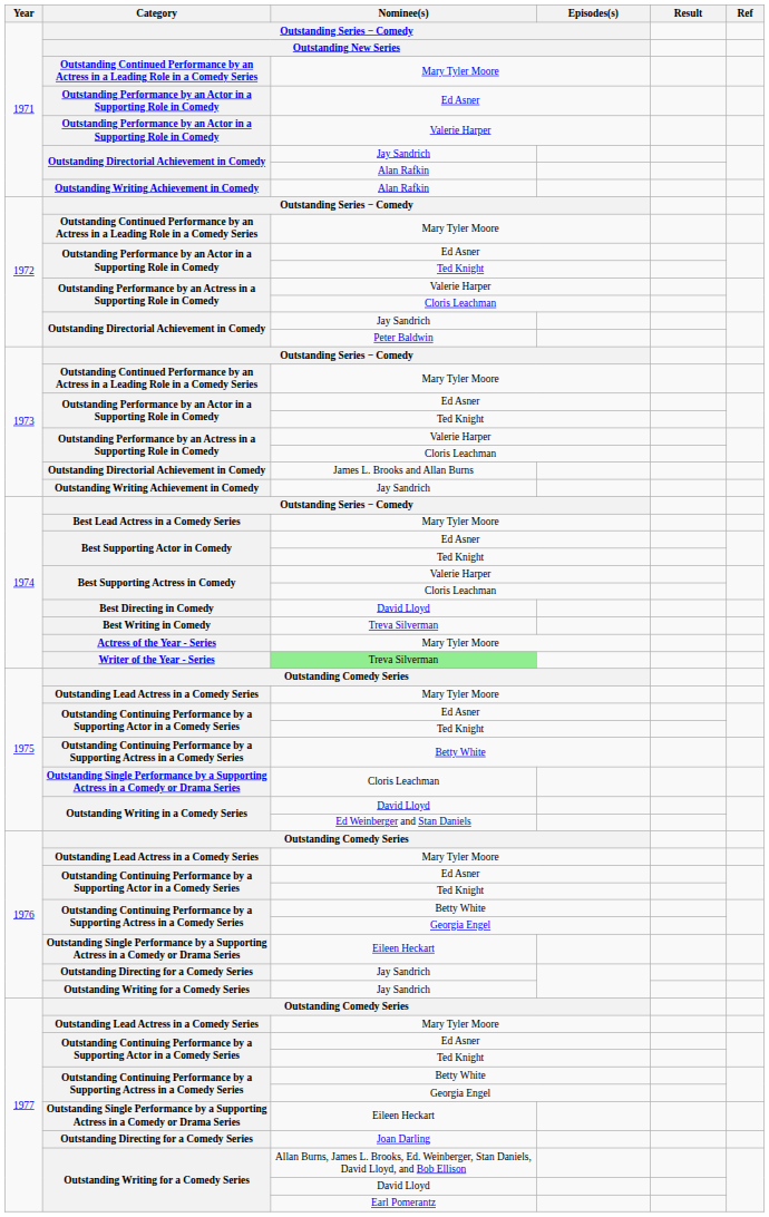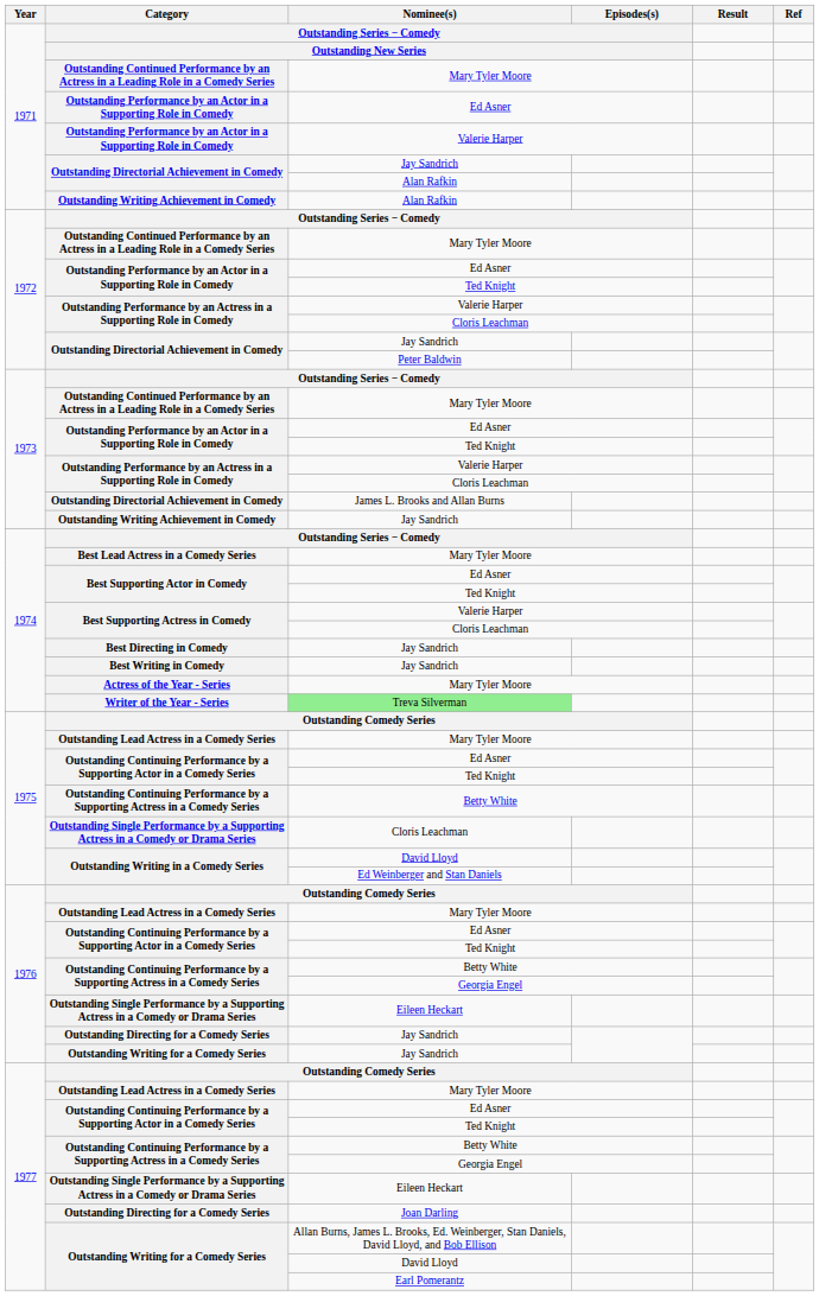 <table class="wikitable plainrowheaders" style="font-size: 90%; text-align:center" width=83%>
 <tr>
 <th scope="col" width="5%">Year</th>
 <th scope="col" width="30%">Category</th>
 <th scope="col" width="35%">Nominee(s)</th>
 <th scope="col" width="15%">Episodes(s)</th>
 <th scope="col" width="10%">Result</th>
 <th scope="col" width="5%">Ref</th>
 </tr>
 <tr>
 <td rowspan="8"><a href='#'>1971</a></td>
 <th scope="row" style="text-align:center" colspan="3"><a href='#'>Outstanding Series − Comedy</a></th>
 <td></td>
 <td></td>
 </tr>
 <tr>
 <th scope="row" style="text-align:center" colspan="3"><a href='#'>Outstanding New Series</a></th>
 <td></td>
 <td></td>
 </tr>
 <tr>
 <th scope="row" style="text-align:center"><a href='#'>Outstanding Continued Performance by an Actress in a Leading Role in a Comedy Series</a></th>
 <td colspan="2"><a href='#'>Mary Tyler Moore</a> </td>
 <td></td>
 <td></td>
 </tr>
 <tr>
 <th scope="row" style="text-align:center"><a href='#'>Outstanding Performance by an Actor in a Supporting Role in Comedy</a></th>
 <td colspan="2"><a href='#'>Ed Asner</a> </td>
 <td></td>
 <td></td>
 </tr>
 <tr>
 <th scope="row" style="text-align:center"><a href='#'>Outstanding Performance by an Actor in a Supporting Role in Comedy</a></th>
 <td colspan="2"><a href='#'>Valerie Harper</a> </td>
 <td></td>
 <td></td>
 </tr>
 <tr>
 <th scope="row" style="text-align:center" rowspan="2"><a href='#'>Outstanding Directorial Achievement in Comedy</a></th>
 <td><a href='#'>Jay Sandrich</a></td>
 <td></td>
 <td></td>
 <td rowspan="2"></td>
 </tr>
 <tr>
 <td><a href='#'>Alan Rafkin</a></td>
 <td></td>
 <td></td>
 </tr>
 <tr>
 <th scope="row" style="text-align:center"><a href='#'>Outstanding Writing Achievement in Comedy</a></th>
 <td><a href='#'>Alan Rafkin</a></td>
 <td></td>
 <td></td>
 <td></td>
 </tr>
 <tr>
 <td rowspan="8"><a href='#'>1972</a></td>
 <th scope="row" style="text-align:center" colspan="3">Outstanding Series − Comedy</th>
 <td></td>
 <td></td>
 </tr>
 <tr>
 <th scope="row" style="text-align:center">Outstanding Continued Performance by an Actress in a Leading Role in a Comedy Series</th>
 <td colspan="2">Mary Tyler Moore </td>
 <td></td>
 <td></td>
 </tr>
 <tr>
 <th scope="row" style="text-align:center" rowspan="2">Outstanding Performance by an Actor in a Supporting Role in Comedy</th>
 <td colspan="2">Ed Asner </td>
 <td></td>
 <td rowspan="2"></td>
 </tr>
 <tr>
 <td colspan="2"><a href='#'>Ted Knight</a> </td>
 <td></td>
 </tr>
 <tr>
 <th scope="row" style="text-align:center" rowspan="2">Outstanding Performance by an Actress in a Supporting Role in Comedy</th>
 <td colspan="2">Valerie Harper </td>
 <td></td>
 <td rowspan="2"></td>
 </tr>
 <tr>
 <td colspan="2"><a href='#'>Cloris Leachman</a> </td>
 <td></td>
 </tr>
 <tr>
 <th scope="row" style="text-align:center" rowspan="2">Outstanding Directorial Achievement in Comedy</th>
 <td>Jay Sandrich</td>
 <td></td>
 <td></td>
 <td rowspan="2"></td>
 </tr>
 <tr>
 <td><a href='#'>Peter Baldwin</a></td>
 <td></td>
 <td></td>
 </tr>
 <tr>
 <td rowspan="8"><a href='#'>1973</a></td>
 <th scope="row" style="text-align:center" colspan="3">Outstanding Series − Comedy</th>
 <td></td>
 <td></td>
 </tr>
 <tr>
 <th scope="row" style="text-align:center">Outstanding Continued Performance by an Actress in a Leading Role in a Comedy Series</th>
 <td colspan="2">Mary Tyler Moore </td>
 <td></td>
 <td></td>
 </tr>
 <tr>
 <th scope="row" style="text-align:center" rowspan="2">Outstanding Performance by an Actor in a Supporting Role in Comedy</th>
 <td colspan="2">Ed Asner </td>
 <td></td>
 <td rowspan="2"></td>
 </tr>
 <tr>
 <td colspan="2">Ted Knight </td>
 <td></td>
 </tr>
 <tr>
 <th scope="row" style="text-align:center" rowspan="2">Outstanding Performance by an Actress in a Supporting Role in Comedy</th>
 <td colspan="2">Valerie Harper </td>
 <td></td>
 <td rowspan="2"></td>
 </tr>
 <tr>
 <td colspan="2">Cloris Leachman </td>
 <td></td>
 </tr>
 <tr>
 <th scope="row" style="text-align:center">Outstanding Directorial Achievement in Comedy</th>
 <td>James L. Brooks and Allan Burns</td>
 <td></td>
 <td></td>
 <td></td>
 </tr>
 <tr>
 <th scope="row" style="text-align:center">Outstanding Writing Achievement in Comedy</th>
 <td>Jay Sandrich</td>
 <td></td>
 <td></td>
 <td></td>
 </tr>
 <tr>
 <td rowspan="10"><a href='#'>1974</a></td>
 <th scope="row" style="text-align:center" colspan="3">Outstanding Series − Comedy</th>
 <td></td>
 <td></td>
 </tr>
 <tr>
 <th scope="row" style="text-align:center">Best Lead Actress in a Comedy Series</th>
 <td colspan="2">Mary Tyler Moore </td>
 <td></td>
 <td></td>
 </tr>
 <tr>
 <th scope="row" style="text-align:center" rowspan="2">Best Supporting Actor in Comedy</th>
 <td colspan="2">Ed Asner </td>
 <td></td>
 <td rowspan="2"></td>
 </tr>
 <tr>
 <td colspan="2">Ted Knight </td>
 <td></td>
 </tr>
 <tr>
 <th scope="row" style="text-align:center" rowspan="2">Best Supporting Actress in Comedy</th>
 <td colspan="2">Valerie Harper </td>
 <td></td>
 <td rowspan="2"></td>
 </tr>
 <tr>
 <td colspan="2">Cloris Leachman </td>
 <td></td>
 </tr>
 <tr>
 <th scope="row" style="text-align:center">Best Directing in Comedy</th>
-<td><a href='#'>David Lloyd</a></td>
+<td>Jay Sandrich</td>
 <td></td>
 <td></td>
 <td></td>
 </tr>
 <tr>
 <th scope="row" style="text-align:center">Best Writing in Comedy</th>
-<td><a href='#'>Treva Silverman</a></td>
+<td>Jay Sandrich</td>
 <td></td>
 <td></td>
 <td></td>
 </tr>
 <tr>
 <th scope="row" style="text-align:center"><a href='#'>Actress of the Year - Series</a></th>
 <td colspan="2">Mary Tyler Moore </td>
 <td></td>
 <td></td>
 </tr>
 <tr>
 <th scope="row" style="text-align:center"><a href='#'>Writer of the Year - Series</a></th>
 <td style="background: lightgreen;">Treva Silverman</td>
 <td></td>
 <td></td>
 <td></td>
 </tr>
 <tr>
 <td rowspan="8"><a href='#'>1975</a></td>
 <th scope="row" style="text-align:center" colspan="3">Outstanding Comedy Series</th>
 <td></td>
 <td></td>
 </tr>
 <tr>
 <th scope="row" style="text-align:center">Outstanding Lead Actress in a Comedy Series</th>
 <td colspan="2">Mary Tyler Moore </td>
 <td></td>
 <td></td>
 </tr>
 <tr>
 <th scope="row" style="text-align:center" rowspan="2">Outstanding Continuing Performance by a Supporting Actor in a Comedy Series</th>
 <td colspan="2">Ed Asner </td>
 <td></td>
 <td rowspan="2"></td>
 </tr>
 <tr>
 <td colspan="2">Ted Knight </td>
 <td></td>
 </tr>
 <tr>
 <th scope="row" style="text-align:center">Outstanding Continuing Performance by a Supporting Actress in a Comedy Series</th>
 <td colspan="2"><a href='#'>Betty White</a> </td>
 <td></td>
 <td></td>
 </tr>
 <tr>
 <th scope="row" style="text-align:center"><a href='#'>Outstanding Single Performance by a Supporting Actress in a Comedy or Drama Series</a></th>
 <td>Cloris Leachman </td>
 <td></td>
 <td></td>
 <td></td>
 </tr>
 <tr>
 <th scope="row" style="text-align:center" rowspan="2">Outstanding Writing in a Comedy Series</th>
 <td><a href='#'>David Lloyd</a></td>
 <td></td>
 <td></td>
 <td rowspan="2"></td>
 </tr>
 <tr>
 <td><a href='#'>Ed Weinberger</a> and <a href='#'>Stan Daniels</a></td>
 <td></td>
 <td></td>
 </tr>
 <tr>
 <td rowspan="9"><a href='#'>1976</a></td>
 <th scope="row" style="text-align:center" colspan="3">Outstanding Comedy Series</th>
 <td></td>
 <td></td>
 </tr>
 <tr>
 <th scope="row" style="text-align:center">Outstanding Lead Actress in a Comedy Series</th>
 <td colspan="2">Mary Tyler Moore </td>
 <td></td>
 <td></td>
 </tr>
 <tr>
 <th scope="row" style="text-align:center" rowspan="2">Outstanding Continuing Performance by a Supporting Actor in a Comedy Series</th>
 <td colspan="2">Ed Asner </td>
 <td></td>
 <td rowspan="2"></td>
 </tr>
 <tr>
 <td colspan="2">Ted Knight </td>
 <td></td>
 </tr>
 <tr>
 <th scope="row" style="text-align:center" rowspan="2">Outstanding Continuing Performance by a Supporting Actress in a Comedy Series</th>
 <td colspan="2">Betty White </td>
 <td></td>
 <td rowspan="2"></td>
 </tr>
 <tr>
 <td colspan="2"><a href='#'>Georgia Engel</a> </td>
 <td></td>
 </tr>
 <tr>
 <th scope="row" style="text-align:center">Outstanding Single Performance by a Supporting Actress in a Comedy or Drama Series</th>
 <td><a href='#'>Eileen Heckart</a> </td>
 <td></td>
 <td></td>
 <td></td>
 </tr>
 <tr>
 <th scope="row" style="text-align:center">Outstanding Directing for a Comedy Series</th>
 <td>Jay Sandrich</td>
 <td rowspan="2"></td>
 <td></td>
 <td></td>
 </tr>
 <tr>
 <th scope="row" style="text-align:center">Outstanding Writing for a Comedy Series</th>
 <td>Jay Sandrich</td>
 <td></td>
 <td></td>
 </tr>
 <tr>
 <td rowspan="11"><a href='#'>1977</a></td>
 <th scope="row" style="text-align:center" colspan="3">Outstanding Comedy Series</th>
 <td></td>
 <td></td>
 </tr>
 <tr>
 <th scope="row" style="text-align:center">Outstanding Lead Actress in a Comedy Series</th>
 <td colspan="2">Mary Tyler Moore </td>
 <td></td>
 <td></td>
 </tr>
 <tr>
 <th scope="row" style="text-align:center" rowspan="2">Outstanding Continuing Performance by a Supporting Actor in a Comedy Series</th>
 <td colspan="2">Ed Asner </td>
 <td></td>
 <td rowspan="2"></td>
 </tr>
 <tr>
 <td colspan="2">Ted Knight </td>
 <td></td>
 </tr>
 <tr>
 <th scope="row" style="text-align:center" rowspan="2">Outstanding Continuing Performance by a Supporting Actress in a Comedy Series</th>
 <td colspan="2">Betty White </td>
 <td></td>
 <td rowspan="2"></td>
 </tr>
 <tr>
 <td colspan="2">Georgia Engel </td>
 <td></td>
 </tr>
 <tr>
 <th scope="row" style="text-align:center">Outstanding Single Performance by a Supporting Actress in a Comedy or Drama Series</th>
 <td>Eileen Heckart </td>
 <td></td>
 <td></td>
 <td></td>
 </tr>
 <tr>
 <th scope="row" style="text-align:center">Outstanding Directing for a Comedy Series</th>
 <td><a href='#'>Joan Darling</a></td>
 <td></td>
 <td></td>
 <td></td>
 </tr>
 <tr>
 <th scope="row" style="text-align:center" rowspan="3">Outstanding Writing for a Comedy Series</th>
 <td>Allan Burns, James L. Brooks, Ed. Weinberger, Stan Daniels, David Lloyd, and <a href='#'>Bob Ellison</a></td>
 <td></td>
 <td></td>
 <td rowspan="3"></td>
 </tr>
 <tr>
 <td>David Lloyd</td>
 <td></td>
 <td></td>
 </tr>
 <tr>
 <td><a href='#'>Earl Pomerantz</a></td>
 <td></td>
 <td></td>
 </tr>
 </table>
